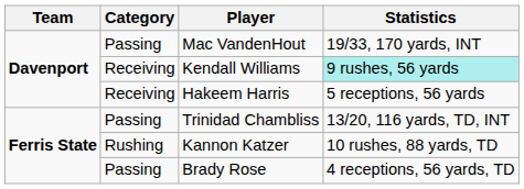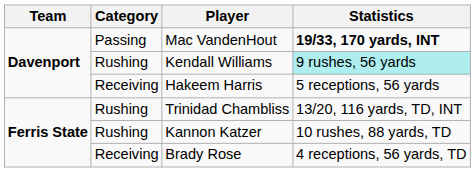 <table class="wikitable" style="float: left;">
 <tr>
 <th>Team</th>
 <th>Category</th>
 <th>Player</th>
 <th>Statistics</th>
 </tr>
 <tr>
 <td rowspan=3><strong>Davenport</strong></td>
 <td>Passing</td>
 <td>Mac VandenHout</td>
-<td>19/33, 170 yards, INT</td>
+<td><strong>19/33, 170 yards, INT</strong></td>
 </tr>
 <tr>
-<td>Receiving</td>
+<td>Rushing</td>
 <td>Kendall Williams</td>
 <td style="background: paleturquoise;">9 rushes, 56 yards</td>
 </tr>
 <tr>
 <td>Receiving</td>
 <td>Hakeem Harris</td>
 <td>5 receptions, 56 yards</td>
 </tr>
 <tr>
 <td rowspan=3><strong>Ferris State</strong></td>
-<td>Passing</td>
+<td>Rushing</td>
 <td>Trinidad Chambliss</td>
 <td>13/20, 116 yards, TD, INT</td>
 </tr>
 <tr>
 <td>Rushing</td>
 <td>Kannon Katzer</td>
 <td>10 rushes, 88 yards, TD</td>
 </tr>
 <tr>
-<td>Passing</td>
+<td>Receiving</td>
 <td>Brady Rose</td>
 <td>4 receptions, 56 yards, TD</td>
 </tr>
 </table>
